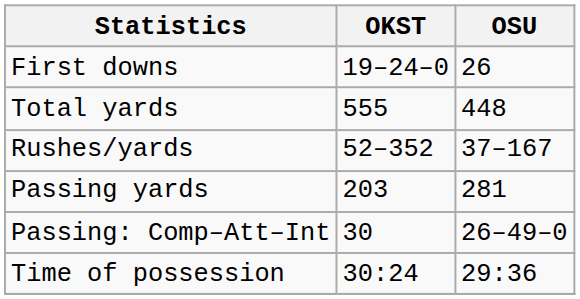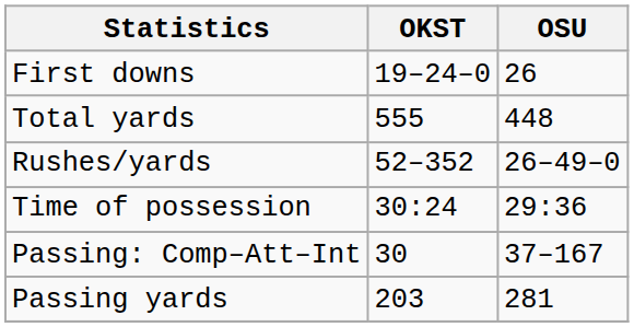 <table class="wikitable" style="float: left;">
 <tr>
 <th>Statistics</th>
 <th>OKST</th>
 <th>OSU</th>
 </tr>
 <tr>
 <td>First downs</td>
 <td>19–24–0</td>
 <td>26</td>
 </tr>
 <tr>
 <td>Total yards</td>
 <td>555</td>
 <td>448</td>
 </tr>
 <tr>
 <td>Rushes/yards</td>
 <td>52–352</td>
+<td>26–49–0</td>
+</tr>
+<tr>
+<td>Time of possession</td>
+<td>30:24</td>
+<td>29:36</td>
+</tr>
+<tr>
+<td>Passing: Comp–Att–Int</td>
+<td>30</td>
 <td>37–167</td>
 </tr>
 <tr>
 <td>Passing yards</td>
 <td>203</td>
 <td>281</td>
 </tr>
 <tr>
-<td>Passing: Comp–Att–Int</td>
-<td>30</td>
-<td>26–49–0</td>
-</tr>
-<tr>
-<td>Time of possession</td>
-<td>30:24</td>
-<td>29:36</td>
-</tr>
-<tr>
 </tr>
 </table>
